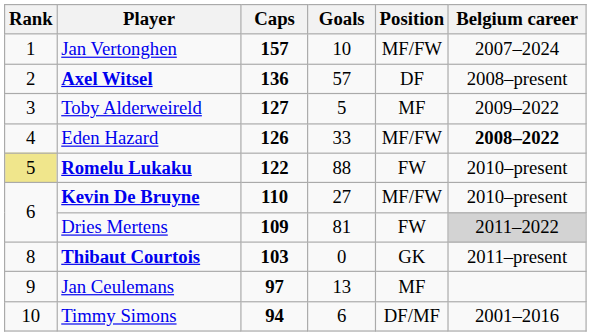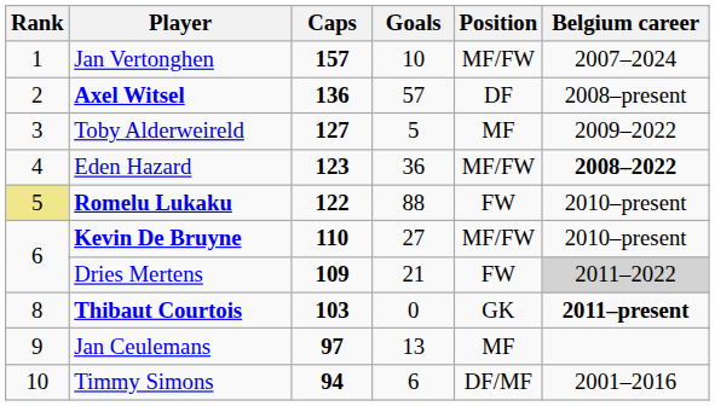 <table class="wikitable sortable" style="text-align:center;">
 <tr>
 <th style="width:30px;">Rank</th>
 <th style="width:150px;">Player</th>
 <th style="width:50px;">Caps</th>
 <th style="width:50px;">Goals</th>
 <th style="width:50px;">Position</th>
 <th style="width:110px;">Belgium career</th>
 </tr>
 <tr>
 <td>1</td>
 <td style="text-align:left"><a href='#'>Jan Vertonghen</a></td>
 <td><strong>157</strong></td>
 <td>10</td>
 <td>MF/FW</td>
 <td>2007–2024</td>
 </tr>
 <tr>
 <td>2</td>
 <td style="text-align:left"><strong><a href='#'>Axel Witsel</a></strong></td>
 <td><strong>136</strong></td>
 <td>57</td>
 <td>DF</td>
 <td>2008–present</td>
 </tr>
 <tr>
 <td>3</td>
 <td style="text-align:left"><a href='#'>Toby Alderweireld</a></td>
 <td><strong>127</strong></td>
 <td>5</td>
 <td>MF</td>
 <td>2009–2022</td>
 </tr>
 <tr>
 <td>4</td>
 <td style="text-align:left"><a href='#'>Eden Hazard</a></td>
-<td><strong>126</strong></td>
-<td>33</td>
+<td><strong>123</strong></td>
+<td>36</td>
 <td>MF/FW</td>
 <td><strong>2008–2022</strong></td>
 </tr>
 <tr>
 <td style="background: khaki;">5</td>
 <td style="text-align:left"><strong><a href='#'>Romelu Lukaku</a></strong></td>
 <td><strong>122</strong></td>
 <td>88</td>
 <td>FW</td>
 <td>2010–present</td>
 </tr>
 <tr>
 <td rowspan=2>6</td>
 <td style="text-align:left;"><strong><a href='#'>Kevin De Bruyne</a></strong></td>
 <td><strong>110</strong></td>
 <td>27</td>
 <td>MF/FW</td>
 <td>2010–present</td>
 </tr>
 <tr>
 <td style="text-align:left"><a href='#'>Dries Mertens</a></td>
 <td><strong>109</strong></td>
-<td>81</td>
+<td>21</td>
 <td>FW</td>
 <td style="background: lightgrey;">2011–2022</td>
 </tr>
 <tr>
 <td>8</td>
 <td style="text-align:left"><strong><a href='#'>Thibaut Courtois</a></strong></td>
 <td><strong>103</strong></td>
 <td>0</td>
 <td>GK</td>
-<td>2011–present</td>
+<td><strong>2011–present</strong></td>
 </tr>
 <tr>
 <td>9</td>
 <td style="text-align:left;"><a href='#'>Jan Ceulemans</a></td>
 <td><strong>97</strong></td>
 <td>13</td>
 <td>MF</td>
 <td></td>
 </tr>
 <tr>
 <td>10</td>
 <td style="text-align:left;"><a href='#'>Timmy Simons</a></td>
 <td><strong>94</strong></td>
 <td>6</td>
 <td>DF/MF</td>
 <td>2001–2016</td>
 </tr>
 </table>
